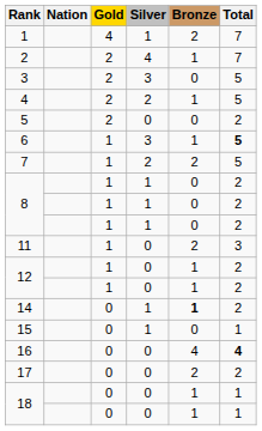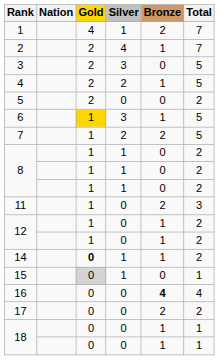 <table class="wikitable sortable" style="text-align:center">
 <tr>
 <th>Rank</th>
 <th>Nation</th>
 <th style="background-color:gold">Gold</th>
 <th style="background-color:silver">Silver</th>
 <th style="background-color:#cc9966">Bronze</th>
 <th>Total</th>
 </tr>
 <tr>
 <td>1</td>
 <td align=left></td>
 <td>4</td>
 <td>1</td>
 <td>2</td>
 <td>7</td>
 </tr>
 <tr>
 <td>2</td>
 <td align=left></td>
 <td>2</td>
 <td>4</td>
 <td>1</td>
 <td>7</td>
 </tr>
 <tr>
 <td>3</td>
 <td align=left></td>
 <td>2</td>
 <td>3</td>
 <td>0</td>
 <td>5</td>
 </tr>
 <tr>
 <td>4</td>
 <td align=left></td>
 <td>2</td>
 <td>2</td>
 <td>1</td>
 <td>5</td>
 </tr>
 <tr>
 <td>5</td>
 <td align=left></td>
 <td>2</td>
 <td>0</td>
 <td>0</td>
 <td>2</td>
 </tr>
 <tr>
 <td>6</td>
 <td align=left></td>
-<td>1</td>
+<td style="background: gold;">1</td>
 <td>3</td>
 <td>1</td>
-<td><strong>5</strong></td>
+<td>5</td>
 </tr>
 <tr>
 <td>7</td>
 <td align=left></td>
 <td>1</td>
 <td>2</td>
 <td>2</td>
 <td>5</td>
 </tr>
 <tr>
 <td rowspan=3>8</td>
 <td align=left></td>
 <td>1</td>
 <td>1</td>
 <td>0</td>
 <td>2</td>
 </tr>
 <tr>
 <td align=left></td>
 <td>1</td>
 <td>1</td>
 <td>0</td>
 <td>2</td>
 </tr>
 <tr>
 <td align=left></td>
 <td>1</td>
 <td>1</td>
 <td>0</td>
 <td>2</td>
 </tr>
 <tr>
 <td>11</td>
 <td align=left></td>
 <td>1</td>
 <td>0</td>
 <td>2</td>
 <td>3</td>
 </tr>
 <tr>
 <td rowspan=2>12</td>
 <td align=left></td>
 <td>1</td>
 <td>0</td>
 <td>1</td>
 <td>2</td>
 </tr>
 <tr>
 <td align=left></td>
 <td>1</td>
 <td>0</td>
 <td>1</td>
 <td>2</td>
 </tr>
 <tr>
 <td>14</td>
 <td align=left></td>
-<td>0</td>
+<td><strong>0</strong></td>
 <td>1</td>
-<td><strong>1</strong></td>
+<td>1</td>
 <td>2</td>
 </tr>
 <tr>
 <td>15</td>
 <td align=left></td>
-<td>0</td>
+<td style="background: lightgrey;">0</td>
 <td>1</td>
 <td>0</td>
 <td>1</td>
 </tr>
 <tr>
 <td>16</td>
 <td align=left></td>
 <td>0</td>
 <td>0</td>
+<td><strong>4</strong></td>
 <td>4</td>
-<td><strong>4</strong></td>
 </tr>
 <tr>
 <td>17</td>
 <td align=left></td>
 <td>0</td>
 <td>0</td>
 <td>2</td>
 <td>2</td>
 </tr>
 <tr>
 <td rowspan=2>18</td>
 <td align=left></td>
 <td>0</td>
 <td>0</td>
 <td>1</td>
 <td>1</td>
 </tr>
 <tr>
 <td align=left></td>
 <td>0</td>
 <td>0</td>
 <td>1</td>
 <td>1</td>
 </tr>
 </table>
